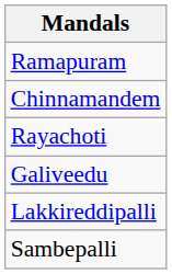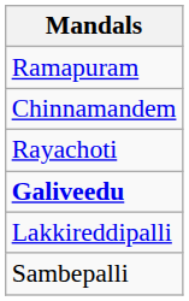 <table class="wikitable sortable static-row-numbers static-row-header-hash">
 <tr>
 <th>Mandals</th>
 </tr>
 <tr>
 <td><a href='#'>Ramapuram</a></td>
 </tr>
 <tr>
 <td><a href='#'>Chinnamandem</a></td>
 </tr>
 <tr>
 <td><a href='#'>Rayachoti</a></td>
 </tr>
 <tr>
-<td><a href='#'>Galiveedu</a></td>
+<td><strong><a href='#'>Galiveedu</a></strong></td>
 </tr>
 <tr>
 <td><a href='#'>Lakkireddipalli</a></td>
 </tr>
 <tr>
 <td>Sambepalli</td>
 </tr>
 </table>
